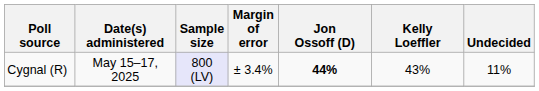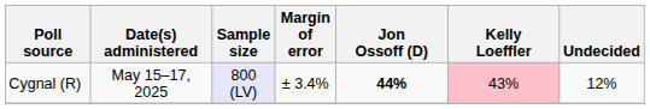 <table class="wikitable" style="font-size:90%;text-align:center;">
 <tr valign=bottom>
 <th>Poll source</th>
 <th>Date(s)<br>administered</th>
 <th>Sample<br>size</th>
 <th>Margin<br>of error</th>
 <th style="width:100px;">Jon<br>Ossoff (D)</th>
 <th style="width:100px;">Kelly<br>Loeffler</th>
 <th>Undecided</th>
 </tr>
 <tr>
 <td style="text-align:left;">Cygnal (R)</td>
 <td>May 15–17, 2025</td>
 <td style="background: lavender;">800 (LV)</td>
 <td>± 3.4%</td>
 <td style="background-color:"><strong>44%</strong></td>
-<td>43%</td>
-<td>11%</td>
+<td style="background: pink;">43%</td>
+<td>12%</td>
 </tr>
 <tr>
 </tr>
 </table>
